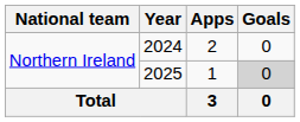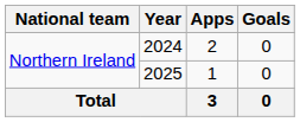 <table class=wikitable style="text-align: center;">
 <tr>
 <th>National team</th>
 <th>Year</th>
 <th>Apps</th>
 <th>Goals</th>
 </tr>
 <tr>
 <td rowspan=2><a href='#'>Northern Ireland</a></td>
 <td>2024</td>
 <td>2</td>
 <td>0</td>
 </tr>
 <tr>
 <td>2025</td>
 <td>1</td>
-<td style="background: lightgrey;">0</td>
+<td>0</td>
 </tr>
 <tr>
 <th colspan="2">Total</th>
 <th>3</th>
 <th>0</th>
 </tr>
 </table>
